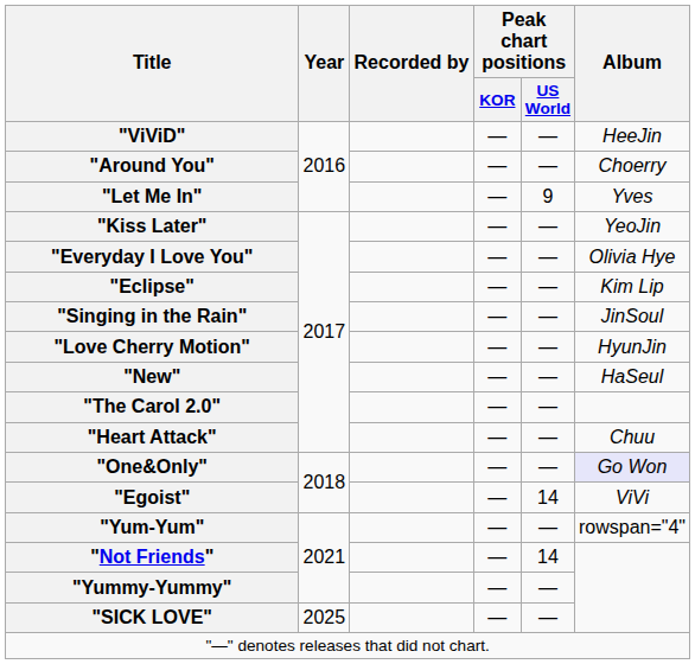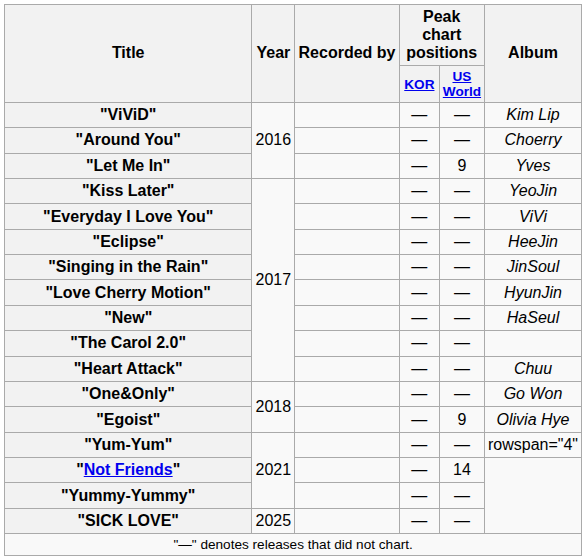 <table class="wikitable plainrowheaders" style="text-align:center;">
 <tr>
 <th scope="col" rowspan="2" style="width:15em;">Title</th>
 <th scope="col" rowspan="2">Year</th>
 <th scope="col" rowspan="2">Recorded by</th>
 <th scope="col" colspan="2">Peak chart<br>positions</th>
 <th scope="col" rowspan="2">Album</th>
 </tr>
 <tr>
 <th scope="col" style="width:2.5em;font-size:85%;"><a href='#'>KOR</a><br></th>
 <th scope="col" style="width:2.5em;font-size:85%;"><a href='#'>US<br>World</a><br></th>
 </tr>
 <tr>
 <th scope="row">"ViViD"</th>
 <td rowspan="3">2016</td>
 <td style="text-align:left"></td>
 <td>—</td>
 <td>—</td>
-<td><em>HeeJin</em></td>
+<td><em>Kim Lip</em></td>
 </tr>
 <tr>
 <th scope="row">"Around You" </th>
 <td style="text-align:left"></td>
 <td>—</td>
 <td>—</td>
 <td><em>Choerry</em></td>
 </tr>
 <tr>
 <th scope="row">"Let Me In" </th>
 <td style="text-align:left"></td>
 <td>—</td>
 <td>9</td>
 <td><em>Yves</em></td>
 </tr>
 <tr>
 <th scope="row">"Kiss Later" </th>
 <td rowspan="8">2017</td>
 <td style="text-align:left"></td>
 <td>—</td>
 <td>—</td>
 <td><em>YeoJin</em></td>
 </tr>
 <tr>
 <th scope="row">"Everyday I Love You"</th>
 <td style="text-align:left"></td>
 <td>—</td>
 <td>—</td>
-<td><em>Olivia Hye</em></td>
+<td><em>ViVi</em></td>
 </tr>
 <tr>
 <th scope="row">"Eclipse"</th>
 <td style="text-align:left"></td>
 <td>—</td>
 <td>—</td>
-<td><em>Kim Lip</em></td>
+<td><em>HeeJin</em></td>
 </tr>
 <tr>
 <th scope="row">"Singing in the Rain"</th>
 <td style="text-align:left"></td>
 <td>—</td>
 <td>—</td>
 <td><em>JinSoul</em></td>
 </tr>
 <tr>
 <th scope="row">"Love Cherry Motion"</th>
 <td style="text-align:left"></td>
 <td>—</td>
 <td>—</td>
 <td><em>HyunJin</em></td>
 </tr>
 <tr>
 <th scope="row">"New"</th>
 <td style="text-align:left"></td>
 <td>—</td>
 <td>—</td>
 <td><em>HaSeul</em></td>
 </tr>
 <tr>
 <th scope="row">"The Carol 2.0"</th>
 <td style="text-align:left"></td>
 <td>—</td>
 <td>—</td>
 <td></td>
 </tr>
 <tr>
 <th scope="row">"Heart Attack"</th>
 <td style="text-align:left"></td>
 <td>—</td>
 <td>—</td>
 <td><em>Chuu</em></td>
 </tr>
 <tr>
 <th scope="row">"One&Only"</th>
 <td rowspan="2">2018</td>
 <td style="text-align:left"></td>
 <td>—</td>
 <td>—</td>
-<td style="background: lavender;"><em>Go Won</em></td>
+<td><em>Go Won</em></td>
 </tr>
 <tr>
 <th scope="row">"Egoist"</th>
 <td style="text-align:left"></td>
 <td>—</td>
-<td>14</td>
-<td><em>ViVi</em></td>
+<td>9</td>
+<td><em>Olivia Hye</em></td>
 </tr>
 <tr>
 <th scope="row">"Yum-Yum" </th>
 <td rowspan="3">2021</td>
 <td style="text-align:left"></td>
 <td>—</td>
 <td>—</td>
 <td>rowspan="4" </td>
 </tr>
 <tr>
 <th scope="row">"<a href='#'>Not Friends</a>"</th>
 <td style="text-align:left"></td>
 <td>—</td>
 <td>14</td>
 </tr>
 <tr>
 <th scope="row">"Yummy-Yummy" </th>
 <td style="text-align:left"></td>
 <td>—</td>
 <td>—</td>
 </tr>
 <tr>
 <th scope="row">"SICK LOVE"</th>
 <td>2025</td>
 <td style="text-align:left"></td>
 <td>—</td>
 <td>—</td>
 </tr>
 <tr>
 <td colspan="6" style="font-size:85%">"—" denotes releases that did not chart.</td>
 </tr>
 </table>
